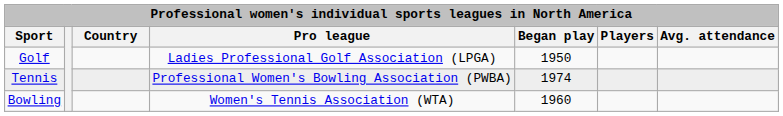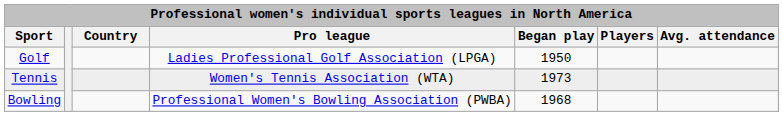 <table class="wikitable" style="text-align:left; font-size:90%;">
 <tr>
 <th colspan=7 style="background:silver;">Professional women's individual sports leagues in North America</th>
 </tr>
 <tr align="center" style="font-weight:bold; background-color:#dddddd;" |>
 </tr>
 <tr align="center">
 <th>Sport</th>
 <th rowspan="4" width="1%" bgcolor="ffffff"></th>
 <th width=10%>Country</th>
 <th>Pro league</th>
 <th>Began play</th>
 <th>Players</th>
 <th>Avg. attendance</th>
 </tr>
 <tr align="Center">
 <td><a href='#'>Golf</a></td>
 <td><br></td>
 <td><a href='#'>Ladies Professional Golf Association</a> (LPGA)</td>
 <td>1950</td>
 <td></td>
 <td></td>
 </tr>
 <tr align="Center" bgcolor="#eeeeee">
 <td><a href='#'>Tennis</a></td>
 <td><br></td>
-<td><a href='#'>Professional Women's Bowling Association</a> (PWBA)</td>
-<td>1974</td>
+<td><a href='#'>Women's Tennis Association</a> (WTA)</td>
+<td>1973</td>
 <td></td>
 <td></td>
 </tr>
 <tr align="Center">
 <td><a href='#'>Bowling</a></td>
 <td></td>
-<td><a href='#'>Women's Tennis Association</a> (WTA)</td>
-<td>1960</td>
+<td><a href='#'>Professional Women's Bowling Association</a> (PWBA)</td>
+<td>1968</td>
 <td></td>
 <td></td>
 </tr>
 </table>
